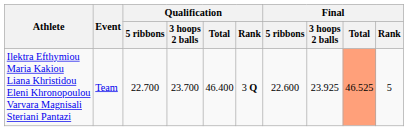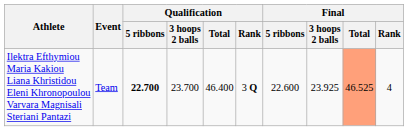 <table class="wikitable" style="font-size:90%">
 <tr>
 <th rowspan="2">Athlete</th>
 <th rowspan="2">Event</th>
 <th colspan="4">Qualification</th>
 <th colspan="4">Final</th>
 </tr>
 <tr style="font-size:95%">
 <th>5 ribbons</th>
 <th>3 hoops <br>2 balls</th>
 <th>Total</th>
 <th>Rank</th>
 <th>5 ribbons</th>
 <th>3 hoops <br>2 balls</th>
 <th>Total</th>
 <th>Rank</th>
 </tr>
 <tr align=center>
 <td align=left><a href='#'>Ilektra Efthymiou</a><br><a href='#'>Maria Kakiou</a><br><a href='#'>Liana Khristidou</a><br><a href='#'>Eleni Khronopoulou</a><br><a href='#'>Varvara Magnisali</a><br><a href='#'>Steriani Pantazi</a></td>
 <td align=left><a href='#'>Team</a></td>
-<td>22.700</td>
+<td><strong>22.700</strong></td>
 <td>23.700</td>
 <td>46.400</td>
 <td>3 <strong>Q</strong></td>
 <td>22.600</td>
 <td>23.925</td>
 <td style="background: lightsalmon;">46.525</td>
-<td>5</td>
+<td>4</td>
 </tr>
 </table>
